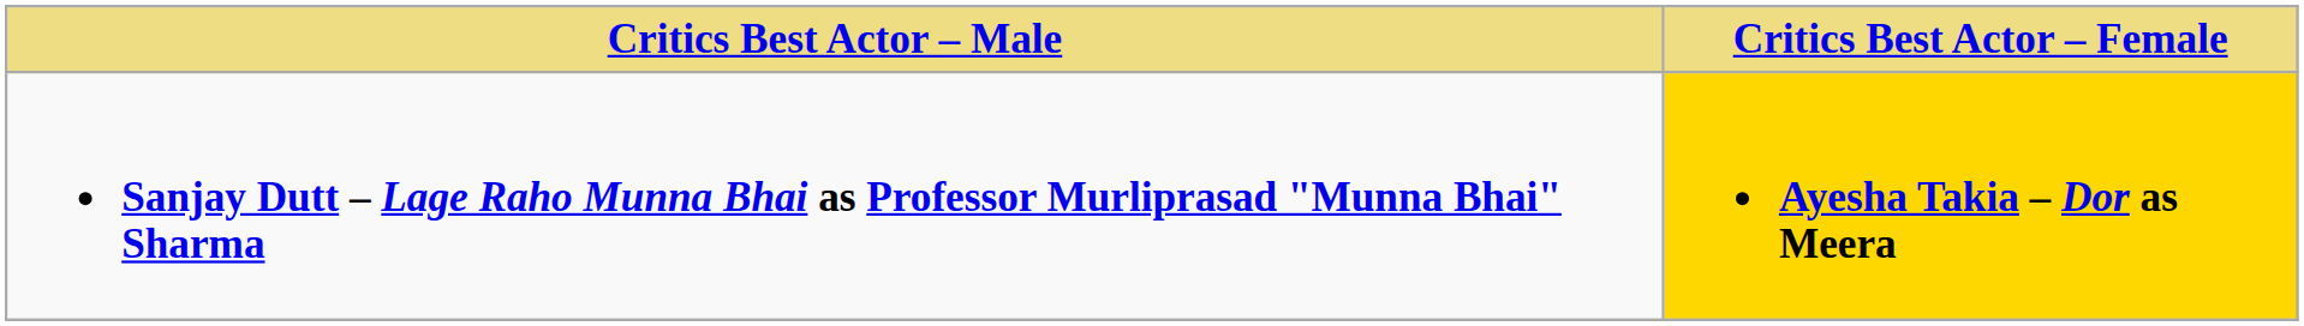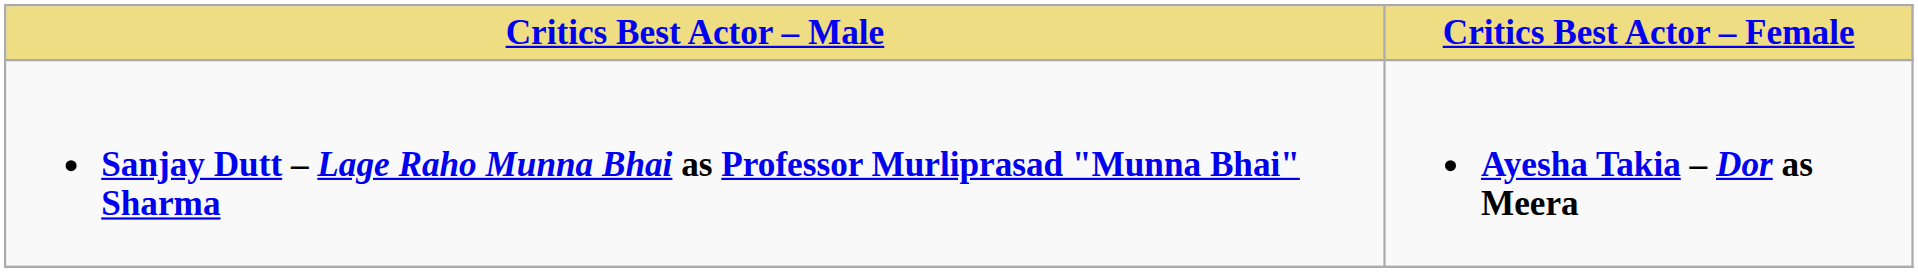 <table class="wikitable">
 <tr>
 <th ! style="background:#eedd82; text-align:center;"><a href='#'>Critics Best Actor – Male</a></th>
 <th ! style="background:#EEDD82;text-align:center;"><a href='#'>Critics Best Actor – Female</a></th>
 </tr>
 <tr>
 <td valign="top"><br><ul><li><strong><a href='#'>Sanjay Dutt</a> – <em><a href='#'>Lage Raho Munna Bhai</a></em> as <a href='#'>Professor Murliprasad "Munna Bhai" Sharma</a></strong></li></ul></td>
-<td valign="top" style="background: gold;"><br><ul><li><strong><a href='#'>Ayesha Takia</a> – <em><a href='#'>Dor</a></em> as Meera</strong></li></ul></td>
+<td valign="top"><br><ul><li><strong><a href='#'>Ayesha Takia</a> – <em><a href='#'>Dor</a></em> as Meera</strong></li></ul></td>
 </tr>
 <tr>
 </tr>
 </table>
